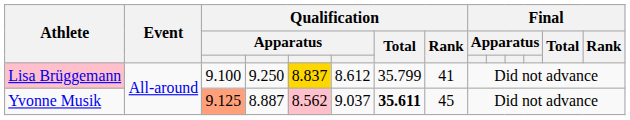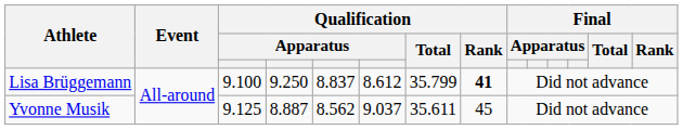 <table class="wikitable" style="font-size:90%">
 <tr>
 <th rowspan=3>Athlete</th>
 <th rowspan=3>Event</th>
 <th colspan=6>Qualification</th>
 <th colspan=6>Final</th>
 </tr>
 <tr style="font-size:95%">
 <th colspan=4>Apparatus</th>
 <th rowspan=2>Total</th>
 <th rowspan=2>Rank</th>
 <th colspan=4>Apparatus</th>
 <th rowspan=2>Total</th>
 <th rowspan=2>Rank</th>
 </tr>
 <tr style="font-size:95%">
 <th></th>
 <th></th>
 <th></th>
 <th></th>
 <th></th>
 <th></th>
 <th></th>
 <th></th>
 </tr>
 <tr align=center>
-<td align=left style="background: pink;"><a href='#'>Lisa Brüggemann</a></td>
+<td align=left><a href='#'>Lisa Brüggemann</a></td>
 <td align=left rowspan=2><a href='#'>All-around</a></td>
 <td>9.100</td>
 <td>9.250</td>
-<td style="background: gold;">8.837</td>
+<td>8.837</td>
 <td>8.612</td>
 <td>35.799</td>
-<td>41</td>
+<td><strong>41</strong></td>
 <td colspan=6>Did not advance</td>
 </tr>
 <tr align=center>
 <td align=left><a href='#'>Yvonne Musik</a></td>
-<td style="background: lightsalmon;">9.125</td>
+<td>9.125</td>
 <td>8.887</td>
-<td style="background: pink;">8.562</td>
+<td>8.562</td>
 <td>9.037</td>
-<td><strong>35.611</strong></td>
+<td>35.611</td>
 <td>45</td>
 <td colspan=6>Did not advance</td>
 </tr>
 </table>
